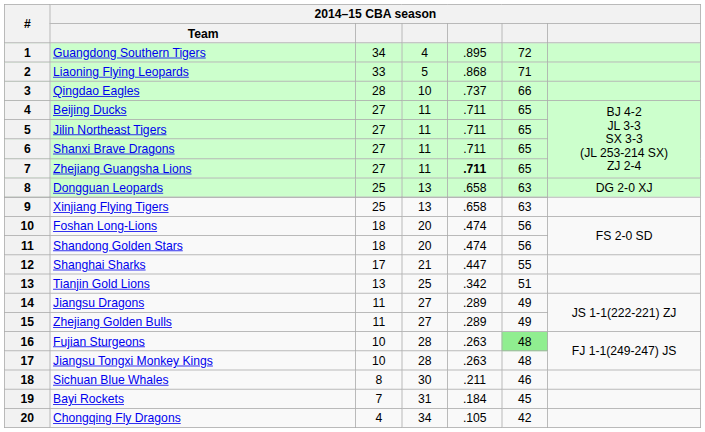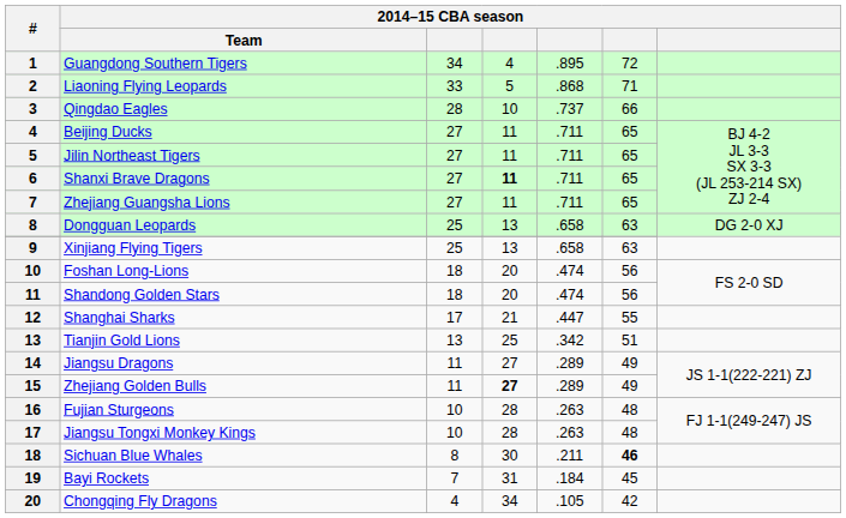 <table class="wikitable" width=55% style="font-size:95%;">
 <tr>
 <th width="3%" rowspan=2>#</th>
 <th colspan="6" style="text-align:center;">2014–15 CBA season</th>
 </tr>
 <tr style="text-align:center;">
 <th width="20%">Team</th>
 <th width="3%"></th>
 <th width="3%"></th>
 <th width="3%"></th>
 <th width="3%"></th>
 <th width="10%"></th>
 </tr>
 <tr style="text-align:center;background: #ccffcc;">
 <th>1</th>
 <td style="text-align:left;"><a href='#'>Guangdong Southern Tigers</a></td>
 <td>34</td>
 <td>4</td>
 <td>.895</td>
 <td>72</td>
 <td></td>
 </tr>
 <tr style="text-align:center;background: #ccffcc;">
 <th>2</th>
 <td style="text-align:left;"><a href='#'>Liaoning Flying Leopards</a></td>
 <td>33</td>
 <td>5</td>
 <td>.868</td>
 <td>71</td>
 <td></td>
 </tr>
 <tr style="text-align:center;background: #ccffcc;">
 <th>3</th>
 <td style="text-align:left;"><a href='#'>Qingdao Eagles</a></td>
 <td>28</td>
 <td>10</td>
 <td>.737</td>
 <td>66</td>
 <td></td>
 </tr>
 <tr style="text-align:center;background: #ccffcc;">
 <th>4</th>
 <td style="text-align:left;"><a href='#'>Beijing Ducks</a></td>
 <td>27</td>
 <td>11</td>
 <td>.711</td>
 <td>65</td>
 <td rowspan=4>BJ 4-2<br>JL 3-3<br>SX 3-3<br>(JL 253-214 SX)<br>ZJ 2-4</td>
 </tr>
 <tr style="text-align:center;background: #ccffcc;">
 <th>5</th>
 <td style="text-align:left;"><a href='#'>Jilin Northeast Tigers</a></td>
 <td>27</td>
 <td>11</td>
 <td>.711</td>
 <td>65</td>
 </tr>
 <tr style="text-align:center;background: #ccffcc;">
 <th>6</th>
 <td style="text-align:left;"><a href='#'>Shanxi Brave Dragons</a></td>
 <td>27</td>
-<td>11</td>
+<td><strong>11</strong></td>
 <td>.711</td>
 <td>65</td>
 </tr>
 <tr style="text-align:center;background: #ccffcc;">
 <th>7</th>
 <td style="text-align:left;"><a href='#'>Zhejiang Guangsha Lions</a></td>
 <td>27</td>
 <td>11</td>
-<td><strong>.711</strong></td>
+<td>.711</td>
 <td>65</td>
 </tr>
 <tr style="text-align:center;background: #ccffcc;">
 <th>8</th>
 <td style="text-align:left;"><a href='#'>Dongguan Leopards</a></td>
 <td>25</td>
 <td>13</td>
 <td>.658</td>
 <td>63</td>
 <td rowspan=2>DG 2-0 XJ</td>
 </tr>
 <tr style="background-color:#cccccc;">
 </tr>
 <tr style="text-align:center;">
 <th>9</th>
 <td style="text-align:left;"><a href='#'>Xinjiang Flying Tigers</a></td>
 <td>25</td>
 <td>13</td>
 <td>.658</td>
 <td>63</td>
 </tr>
 <tr style="text-align:center;">
 <th>10</th>
 <td style="text-align:left;"><a href='#'>Foshan Long-Lions</a></td>
 <td>18</td>
 <td>20</td>
 <td>.474</td>
 <td>56</td>
 <td rowspan=2>FS 2-0 SD</td>
 </tr>
 <tr style="text-align:center;">
 <th>11</th>
 <td style="text-align:left;"><a href='#'>Shandong Golden Stars</a></td>
 <td>18</td>
 <td>20</td>
 <td>.474</td>
 <td>56</td>
 </tr>
 <tr style="text-align:center;">
 <th>12</th>
 <td style="text-align:left;"><a href='#'>Shanghai Sharks</a></td>
 <td>17</td>
 <td>21</td>
 <td>.447</td>
 <td>55</td>
 <td></td>
 </tr>
 <tr style="text-align:center;">
 <th>13</th>
 <td style="text-align:left;"><a href='#'>Tianjin Gold Lions</a></td>
 <td>13</td>
 <td>25</td>
 <td>.342</td>
 <td>51</td>
 <td></td>
 </tr>
 <tr style="text-align:center;">
 <th>14</th>
 <td style="text-align:left;"><a href='#'>Jiangsu Dragons</a></td>
 <td>11</td>
 <td>27</td>
 <td>.289</td>
 <td>49</td>
 <td rowspan=2>JS 1-1(222-221) ZJ</td>
 </tr>
 <tr style="text-align:center;">
 <th>15</th>
 <td style="text-align:left;"><a href='#'>Zhejiang Golden Bulls</a></td>
 <td>11</td>
-<td>27</td>
+<td><strong>27</strong></td>
 <td>.289</td>
 <td>49</td>
 </tr>
 <tr style="text-align:center;">
 <th>16</th>
 <td style="text-align:left;"><a href='#'>Fujian Sturgeons</a></td>
 <td>10</td>
 <td>28</td>
 <td>.263</td>
-<td style="background: lightgreen;">48</td>
+<td>48</td>
 <td rowspan=2>FJ 1-1(249-247) JS</td>
 </tr>
 <tr style="text-align:center;">
 <th>17</th>
 <td style="text-align:left;"><a href='#'>Jiangsu Tongxi Monkey Kings</a></td>
 <td>10</td>
 <td>28</td>
 <td>.263</td>
 <td>48</td>
 </tr>
 <tr style="text-align:center;">
 <th>18</th>
 <td style="text-align:left;"><a href='#'>Sichuan Blue Whales</a></td>
 <td>8</td>
 <td>30</td>
 <td>.211</td>
-<td>46</td>
+<td><strong>46</strong></td>
 <td></td>
 </tr>
 <tr style="text-align:center;">
 <th>19</th>
 <td style="text-align:left;"><a href='#'>Bayi Rockets</a></td>
 <td>7</td>
 <td>31</td>
 <td>.184</td>
 <td>45</td>
 <td></td>
 </tr>
 <tr style="text-align:center;">
 <th>20</th>
 <td style="text-align:left;"><a href='#'>Chongqing Fly Dragons</a></td>
 <td>4</td>
 <td>34</td>
 <td>.105</td>
 <td>42</td>
 <td></td>
 </tr>
 </table>
